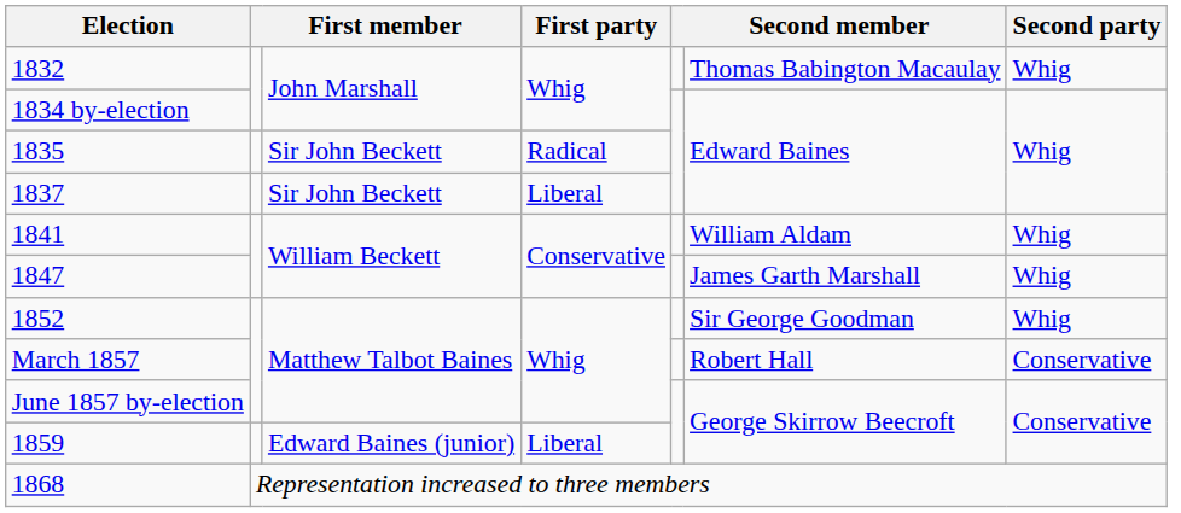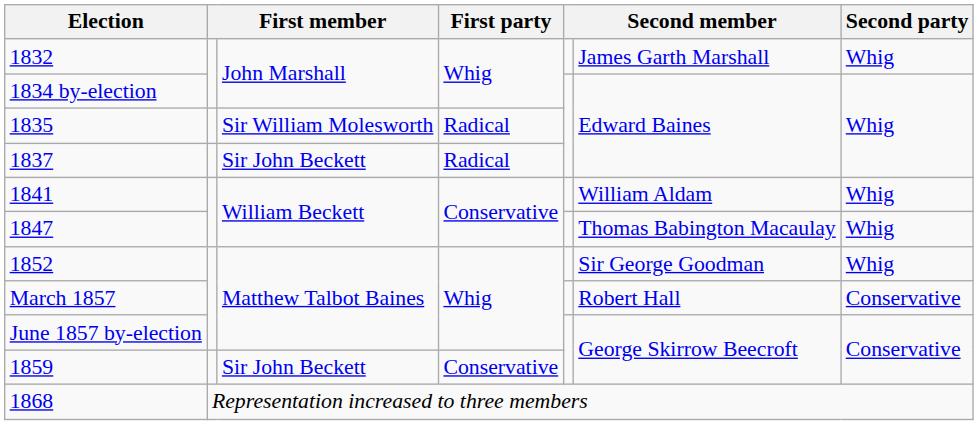 <table class="wikitable">
 <tr>
 <th>Election</th>
 <th colspan="2">First member</th>
 <th>First party</th>
 <th colspan="2">Second member</th>
 <th>Second party</th>
 </tr>
 <tr>
 <td><a href='#'>1832</a></td>
 <td rowspan="2" style="color:inherit;background-color: "></td>
 <td rowspan="2"><a href='#'>John Marshall</a></td>
 <td rowspan="2"><a href='#'>Whig</a></td>
 <td style="color:inherit;background-color: "></td>
-<td><a href='#'>Thomas Babington Macaulay</a></td>
+<td><a href='#'>James Garth Marshall</a></td>
 <td><a href='#'>Whig</a></td>
 </tr>
 <tr>
 <td><a href='#'>1834 by-election</a></td>
 <td rowspan="3" style="color:inherit;background-color: "></td>
 <td rowspan="3"><a href='#'>Edward Baines</a></td>
 <td rowspan="3"><a href='#'>Whig</a></td>
 </tr>
 <tr>
 <td><a href='#'>1835</a></td>
 <td style="color:inherit;background-color: "></td>
-<td><a href='#'>Sir John Beckett</a></td>
+<td><a href='#'>Sir William Molesworth</a></td>
 <td><a href='#'>Radical</a></td>
 </tr>
 <tr>
 <td><a href='#'>1837</a></td>
 <td style="color:inherit;background-color: "></td>
 <td><a href='#'>Sir John Beckett</a></td>
-<td><a href='#'>Liberal</a></td>
+<td><a href='#'>Radical</a></td>
 </tr>
 <tr>
 <td><a href='#'>1841</a></td>
 <td rowspan="2" style="color:inherit;background-color: "></td>
 <td rowspan="2"><a href='#'>William Beckett</a></td>
 <td rowspan="2"><a href='#'>Conservative</a></td>
 <td style="color:inherit;background-color: "></td>
 <td><a href='#'>William Aldam</a></td>
 <td><a href='#'>Whig</a></td>
 </tr>
 <tr>
 <td><a href='#'>1847</a></td>
 <td style="color:inherit;background-color: "></td>
-<td><a href='#'>James Garth Marshall</a></td>
+<td><a href='#'>Thomas Babington Macaulay</a></td>
 <td><a href='#'>Whig</a></td>
 </tr>
 <tr>
 <td><a href='#'>1852</a></td>
 <td rowspan="3" style="color:inherit;background-color: "></td>
 <td rowspan="3"><a href='#'>Matthew Talbot Baines</a></td>
 <td rowspan="3"><a href='#'>Whig</a></td>
 <td style="color:inherit;background-color: "></td>
 <td><a href='#'>Sir George Goodman</a></td>
 <td><a href='#'>Whig</a></td>
 </tr>
 <tr>
 <td><a href='#'>March 1857</a></td>
 <td style="color:inherit;background-color: "></td>
 <td><a href='#'>Robert Hall</a></td>
 <td><a href='#'>Conservative</a></td>
 </tr>
 <tr>
 <td><a href='#'>June 1857 by-election</a></td>
 <td rowspan="2" style="color:inherit;background-color: "></td>
 <td rowspan="2"><a href='#'>George Skirrow Beecroft</a></td>
 <td rowspan="2"><a href='#'>Conservative</a></td>
 </tr>
 <tr>
 <td><a href='#'>1859</a></td>
 <td style="color:inherit;background-color: "></td>
-<td><a href='#'>Edward Baines (junior)</a></td>
-<td><a href='#'>Liberal</a></td>
+<td><a href='#'>Sir John Beckett</a></td>
+<td><a href='#'>Conservative</a></td>
 </tr>
 <tr>
 <td><a href='#'>1868</a></td>
 <td colspan="6"><em>Representation increased to three members</em></td>
 </tr>
 </table>
